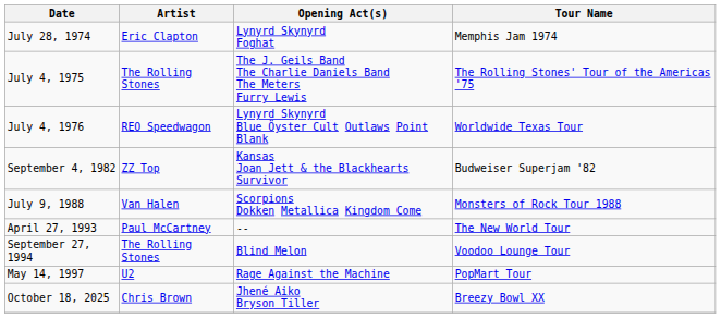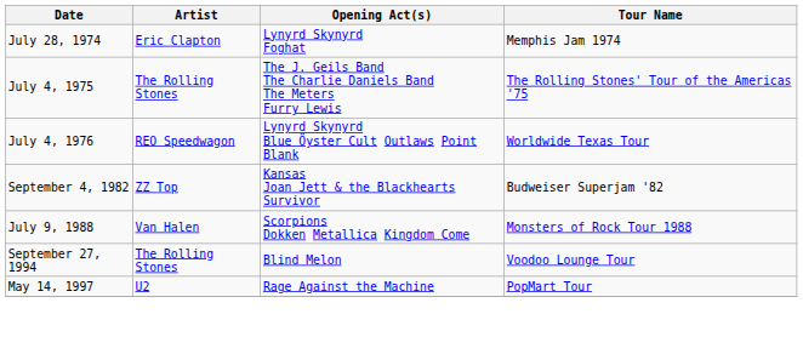 <table class="wikitable">
 <tr>
 <th>Date</th>
 <th>Artist</th>
 <th>Opening Act(s)</th>
 <th>Tour Name</th>
 </tr>
 <tr>
 <td>July 28, 1974</td>
 <td><a href='#'>Eric Clapton</a></td>
 <td><a href='#'>Lynyrd Skynyrd</a><br><a href='#'>Foghat</a></td>
 <td>Memphis Jam 1974</td>
 </tr>
 <tr>
 <td>July 4, 1975</td>
 <td><a href='#'>The Rolling Stones</a></td>
 <td><a href='#'>The J. Geils Band</a><br><a href='#'>The Charlie Daniels Band</a><br><a href='#'>The Meters</a><br><a href='#'>Furry Lewis</a></td>
 <td><a href='#'>The Rolling Stones' Tour of the Americas '75</a></td>
 </tr>
 <tr>
 <td>July 4, 1976</td>
 <td><a href='#'>REO Speedwagon</a></td>
 <td><a href='#'>Lynyrd Skynyrd</a><br><a href='#'>Blue Öyster Cult</a> <a href='#'>Outlaws</a> <a href='#'>Point Blank</a></td>
 <td><a href='#'>Worldwide Texas Tour</a></td>
 </tr>
 <tr>
 <td>September 4, 1982</td>
 <td><a href='#'>ZZ Top</a></td>
 <td><a href='#'>Kansas</a><br><a href='#'>Joan Jett & the Blackhearts</a> <a href='#'>Survivor</a></td>
 <td>Budweiser Superjam '82</td>
 </tr>
 <tr>
 <td>July 9, 1988</td>
 <td><a href='#'>Van Halen</a></td>
 <td><a href='#'>Scorpions</a><br><a href='#'>Dokken</a> <a href='#'>Metallica</a> <a href='#'>Kingdom Come</a></td>
 <td><a href='#'>Monsters of Rock Tour 1988</a></td>
 </tr>
 <tr>
-<td>April 27, 1993</td>
-<td><a href='#'>Paul McCartney</a></td>
-<td>--</td>
-<td><a href='#'>The New World Tour</a></td>
-</tr>
-<tr>
 <td>September 27, 1994</td>
 <td><a href='#'>The Rolling Stones</a></td>
 <td><a href='#'>Blind Melon</a></td>
 <td><a href='#'>Voodoo Lounge Tour</a></td>
 </tr>
 <tr>
 <td>May 14, 1997</td>
 <td><a href='#'>U2</a></td>
 <td><a href='#'>Rage Against the Machine</a></td>
 <td><a href='#'>PopMart Tour</a></td>
 </tr>
 <tr>
-<td>October 18, 2025</td>
-<td><a href='#'>Chris Brown</a></td>
-<td><a href='#'>Jhené Aiko</a><br><a href='#'>Bryson Tiller</a></td>
-<td><a href='#'>Breezy Bowl XX</a></td>
-</tr>
-<tr>
 </tr>
 </table>
